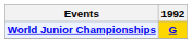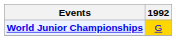 <table class="wikitable" style="font-size: 90%; text-align:center">
 <tr>
 <th>Events</th>
 <th>1992</th>
 </tr>
 <tr>
 <td bgcolor="#ECF2FF"; align="left"><strong><a href='#'>World Junior Championships</a></strong></td>
-<td bgcolor=gold><strong><a href='#'>G</a></strong></td>
+<td bgcolor=gold><a href='#'>G</a></td>
 </tr>
 <tr>
 </tr>
 </table>
